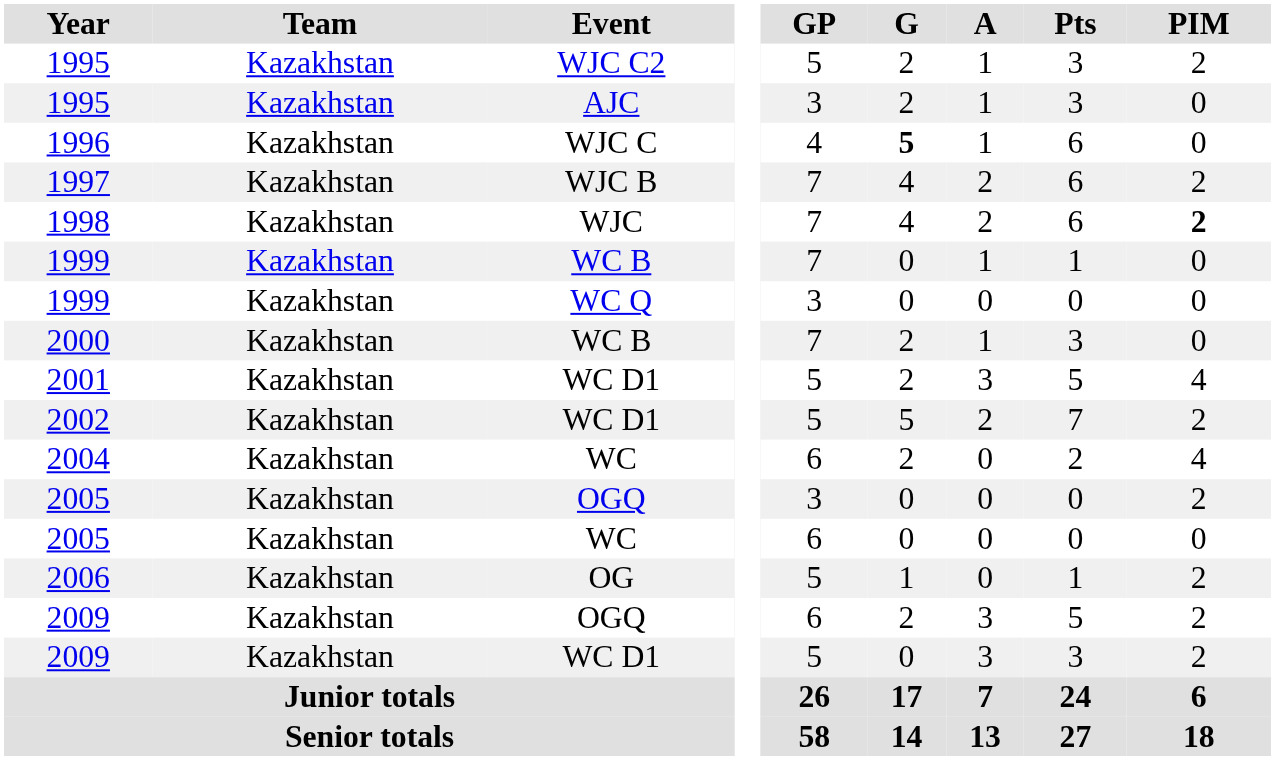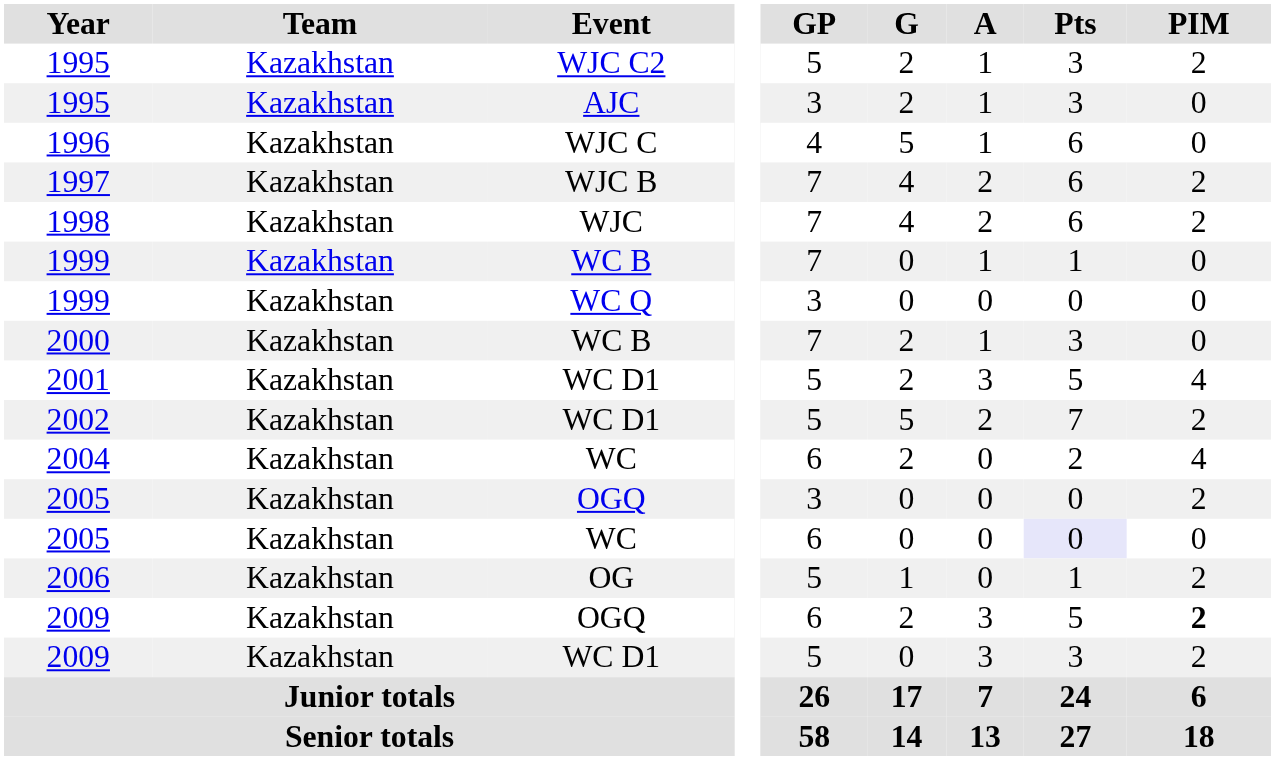 <table border="0" cellpadding="1" cellspacing="0" style="text-align:center; width:40em">
 <tr ALIGN="center" bgcolor="#e0e0e0">
 <th>Year</th>
 <th>Team</th>
 <th>Event</th>
 <th ALIGN="center" rowspan="99" bgcolor="#ffffff"> </th>
 <th>GP</th>
 <th>G</th>
 <th>A</th>
 <th>Pts</th>
 <th>PIM</th>
 </tr>
 <tr>
 <td><a href='#'>1995</a></td>
 <td><a href='#'>Kazakhstan</a></td>
 <td><a href='#'>WJC C2</a></td>
 <td>5</td>
 <td>2</td>
 <td>1</td>
 <td>3</td>
 <td>2</td>
 </tr>
 <tr bgcolor="#f0f0f0">
 <td><a href='#'>1995</a></td>
 <td><a href='#'>Kazakhstan</a></td>
 <td><a href='#'>AJC</a></td>
 <td>3</td>
 <td>2</td>
 <td>1</td>
 <td>3</td>
 <td>0</td>
 </tr>
 <tr>
 <td><a href='#'>1996</a></td>
 <td>Kazakhstan</td>
 <td>WJC C</td>
 <td>4</td>
-<td><strong>5</strong></td>
+<td>5</td>
 <td>1</td>
 <td>6</td>
 <td>0</td>
 </tr>
 <tr bgcolor="#f0f0f0">
 <td><a href='#'>1997</a></td>
 <td>Kazakhstan</td>
 <td>WJC B</td>
 <td>7</td>
 <td>4</td>
 <td>2</td>
 <td>6</td>
 <td>2</td>
 </tr>
 <tr>
 <td><a href='#'>1998</a></td>
 <td>Kazakhstan</td>
 <td>WJC</td>
 <td>7</td>
 <td>4</td>
 <td>2</td>
 <td>6</td>
-<td><strong>2</strong></td>
+<td>2</td>
 </tr>
 <tr bgcolor="#f0f0f0">
 <td><a href='#'>1999</a></td>
 <td><a href='#'>Kazakhstan</a></td>
 <td><a href='#'>WC B</a></td>
 <td>7</td>
 <td>0</td>
 <td>1</td>
 <td>1</td>
 <td>0</td>
 </tr>
 <tr>
 <td><a href='#'>1999</a></td>
 <td>Kazakhstan</td>
 <td><a href='#'>WC Q</a></td>
 <td>3</td>
 <td>0</td>
 <td>0</td>
 <td>0</td>
 <td>0</td>
 </tr>
 <tr bgcolor="#f0f0f0">
 <td><a href='#'>2000</a></td>
 <td>Kazakhstan</td>
 <td>WC B</td>
 <td>7</td>
 <td>2</td>
 <td>1</td>
 <td>3</td>
 <td>0</td>
 </tr>
 <tr>
 <td><a href='#'>2001</a></td>
 <td>Kazakhstan</td>
 <td>WC D1</td>
 <td>5</td>
 <td>2</td>
 <td>3</td>
 <td>5</td>
 <td>4</td>
 </tr>
 <tr bgcolor="#f0f0f0">
 <td><a href='#'>2002</a></td>
 <td>Kazakhstan</td>
 <td>WC D1</td>
 <td>5</td>
 <td>5</td>
 <td>2</td>
 <td>7</td>
 <td>2</td>
 </tr>
 <tr>
 <td><a href='#'>2004</a></td>
 <td>Kazakhstan</td>
 <td>WC</td>
 <td>6</td>
 <td>2</td>
 <td>0</td>
 <td>2</td>
 <td>4</td>
 </tr>
 <tr bgcolor="#f0f0f0">
 <td><a href='#'>2005</a></td>
 <td>Kazakhstan</td>
 <td><a href='#'>OGQ</a></td>
 <td>3</td>
 <td>0</td>
 <td>0</td>
 <td>0</td>
 <td>2</td>
 </tr>
 <tr>
 <td><a href='#'>2005</a></td>
 <td>Kazakhstan</td>
 <td>WC</td>
 <td>6</td>
 <td>0</td>
 <td>0</td>
-<td>0</td>
+<td style="background: lavender;">0</td>
 <td>0</td>
 </tr>
 <tr bgcolor="#f0f0f0">
 <td><a href='#'>2006</a></td>
 <td>Kazakhstan</td>
 <td>OG</td>
 <td>5</td>
 <td>1</td>
 <td>0</td>
 <td>1</td>
 <td>2</td>
 </tr>
 <tr>
 <td><a href='#'>2009</a></td>
 <td>Kazakhstan</td>
 <td>OGQ</td>
 <td>6</td>
 <td>2</td>
 <td>3</td>
 <td>5</td>
-<td>2</td>
+<td><strong>2</strong></td>
 </tr>
 <tr bgcolor="#f0f0f0">
 <td><a href='#'>2009</a></td>
 <td>Kazakhstan</td>
 <td>WC D1</td>
 <td>5</td>
 <td>0</td>
 <td>3</td>
 <td>3</td>
 <td>2</td>
 </tr>
 <tr bgcolor="#e0e0e0">
 <th colspan="3">Junior totals</th>
 <th>26</th>
 <th>17</th>
 <th>7</th>
 <th>24</th>
 <th>6</th>
 </tr>
 <tr bgcolor="#e0e0e0">
 <th colspan="3">Senior totals</th>
 <th>58</th>
 <th>14</th>
 <th>13</th>
 <th>27</th>
 <th>18</th>
 </tr>
 </table>
